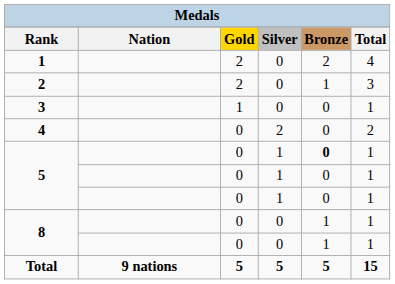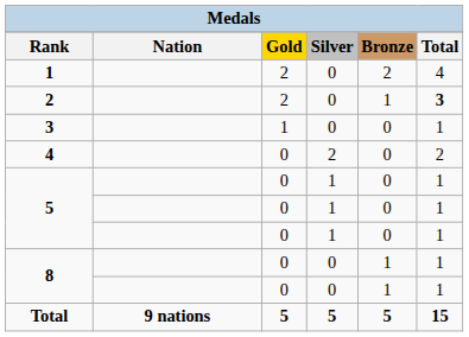 <table class=wikitable style=text-align:center>
 <tr>
 <td colspan=6 style="background:#BCD4E6"><strong>Medals</strong></td>
 </tr>
 <tr>
 </tr>
 <tr style="background-color:#EDEDED;">
 <th width=75px class="hintergrundfarbe5">Rank</th>
 <th width=150px class="hintergrundfarbe6">Nation</th>
 <th width=35px style="background:gold">Gold</th>
 <th width=35px style="background:silver">Silver</th>
 <th width=35px style="background:#CC9966">Bronze</th>
 <th width=35px>Total</th>
 </tr>
 <tr>
 <td><strong>1</strong></td>
 <td style="text-align:left"></td>
 <td>2</td>
 <td>0</td>
 <td>2</td>
 <td>4</td>
 </tr>
 <tr>
 <td><strong>2</strong></td>
 <td style="text-align:left"></td>
 <td>2</td>
 <td>0</td>
 <td>1</td>
-<td>3</td>
+<td><strong>3</strong></td>
 </tr>
 <tr>
 <td><strong>3</strong></td>
 <td style="text-align:left"></td>
 <td>1</td>
 <td>0</td>
 <td>0</td>
 <td>1</td>
 </tr>
 <tr>
 <td><strong>4</strong></td>
 <td style="text-align:left"></td>
 <td>0</td>
 <td>2</td>
 <td>0</td>
 <td>2</td>
 </tr>
 <tr>
 <td rowspan="3"><strong>5</strong></td>
 <td style="text-align:left"></td>
 <td>0</td>
 <td>1</td>
-<td><strong>0</strong></td>
+<td>0</td>
 <td>1</td>
 </tr>
 <tr>
 <td style="text-align:left"></td>
 <td>0</td>
 <td>1</td>
 <td>0</td>
 <td>1</td>
 </tr>
 <tr>
 <td style="text-align:left"></td>
 <td>0</td>
 <td>1</td>
 <td>0</td>
 <td>1</td>
 </tr>
 <tr>
 <td rowspan="2"><strong>8</strong></td>
 <td style="text-align:left"></td>
 <td>0</td>
 <td>0</td>
 <td>1</td>
 <td>1</td>
 </tr>
 <tr>
 <td style="text-align:left"></td>
 <td>0</td>
 <td>0</td>
 <td>1</td>
 <td>1</td>
 </tr>
 <tr>
 <td><strong>Total</strong></td>
 <td><strong>9 nations</strong></td>
 <td><strong>5</strong></td>
 <td><strong>5</strong></td>
 <td><strong>5</strong></td>
 <td><strong>15</strong></td>
 </tr>
 </table>
